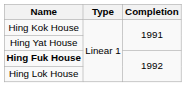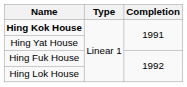 <table class="wikitable" style="text-align: center">
 <tr>
 <th>Name</th>
 <th>Type</th>
 <th>Completion</th>
 </tr>
 <tr>
-<td>Hing Kok House</td>
+<td><strong>Hing Kok House</strong></td>
 <td rowspan="4">Linear 1</td>
 <td rowspan="2">1991</td>
 </tr>
 <tr>
 <td>Hing Yat House</td>
 </tr>
 <tr>
-<td><strong>Hing Fuk House</strong></td>
+<td>Hing Fuk House</td>
 <td rowspan="2">1992</td>
 </tr>
 <tr>
 <td>Hing Lok House</td>
 </tr>
 </table>
